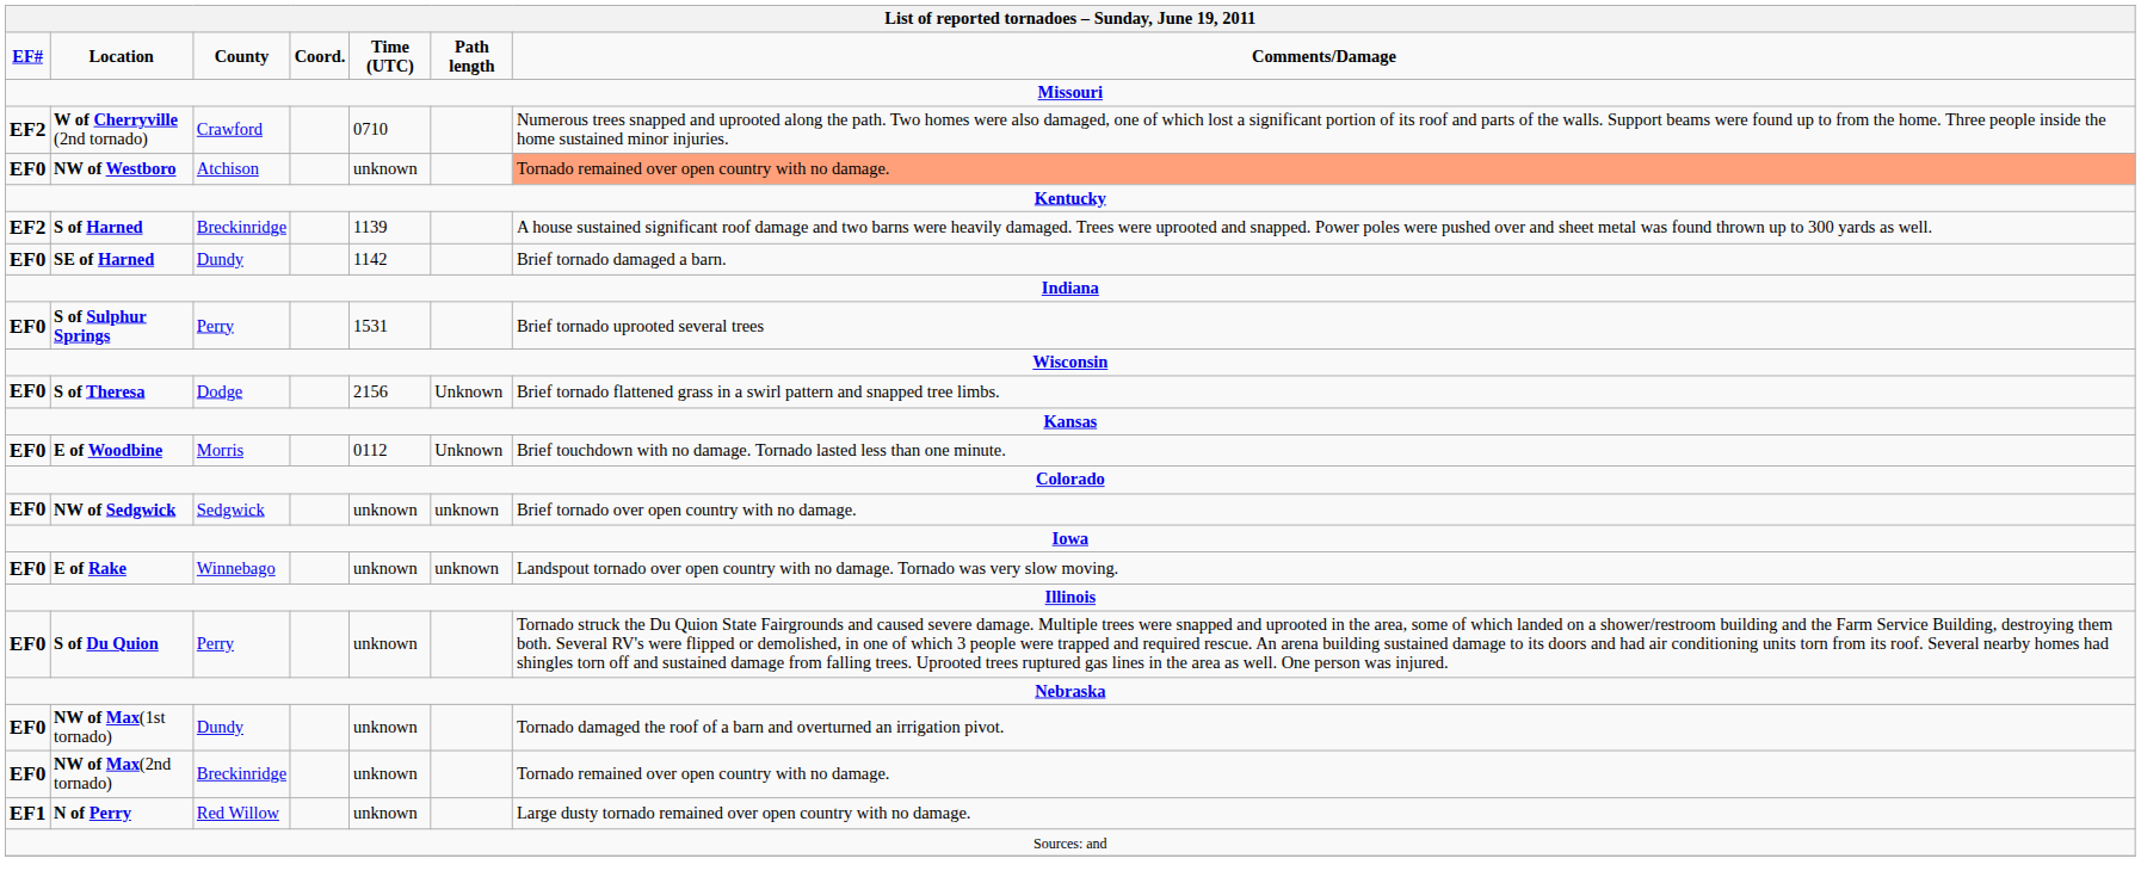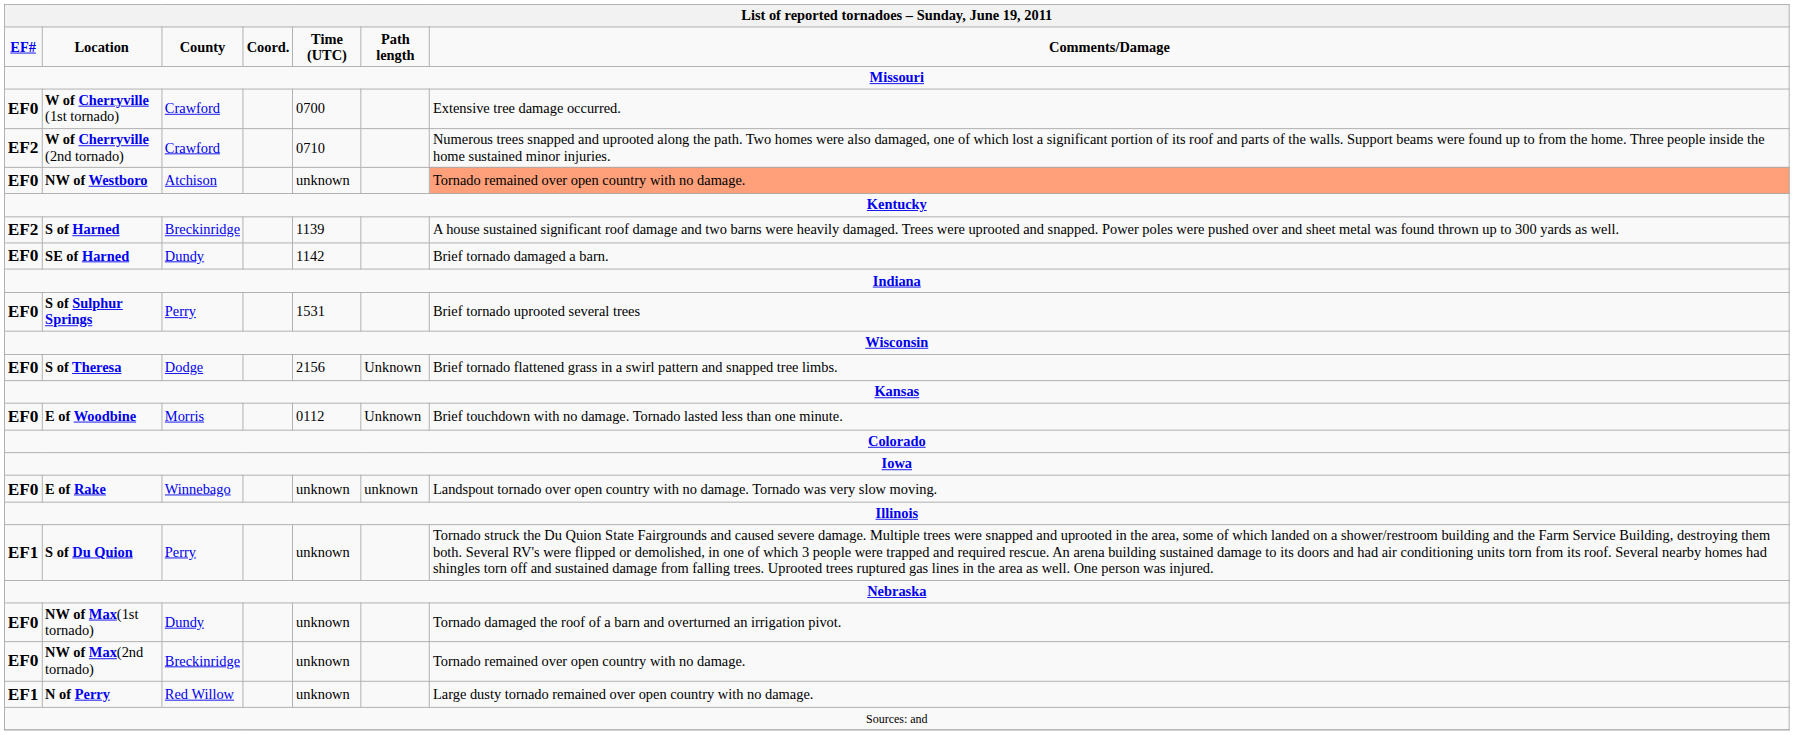 <table class="wikitable collapsible" width="100%">
 <tr>
 <th colspan="7">List of reported tornadoes – Sunday, June 19, 2011</th>
 </tr>
 <tr style="text-align:center;">
 <td><strong><a href='#'>EF#</a></strong></td>
 <td><strong>Location</strong></td>
 <td><strong>County</strong></td>
 <td><strong>Coord.</strong></td>
 <td><strong>Time (UTC)</strong></td>
 <td><strong>Path length</strong></td>
 <td><strong>Comments/Damage</strong></td>
 </tr>
 <tr>
 <td colspan="7" align=center><strong><a href='#'>Missouri</a></strong></td>
+</tr>
+<tr>
+<td><big><strong>EF0</strong></big></td>
+<td><strong>W of <a href='#'>Cherryville</a></strong> (1st tornado)</td>
+<td><a href='#'>Crawford</a></td>
+<td></td>
+<td>0700</td>
+<td></td>
+<td>Extensive tree damage occurred.</td>
 </tr>
 <tr>
 <td><big><strong>EF2</strong></big></td>
 <td><strong>W of <a href='#'>Cherryville</a></strong> (2nd tornado)</td>
 <td><a href='#'>Crawford</a></td>
 <td></td>
 <td>0710</td>
 <td></td>
 <td>Numerous trees snapped and uprooted along the path. Two homes were also damaged, one of which lost a significant portion of its roof and parts of the walls. Support beams were found up to  from the home. Three people inside the home sustained minor injuries.</td>
 </tr>
 <tr>
 <td><big><strong>EF0</strong></big></td>
 <td><strong>NW of <a href='#'>Westboro</a></strong></td>
 <td><a href='#'>Atchison</a></td>
 <td></td>
 <td>unknown</td>
 <td></td>
 <td style="background: lightsalmon;">Tornado remained over open country with no damage.</td>
 </tr>
 <tr>
 <td colspan="7" align=center><strong><a href='#'>Kentucky</a></strong></td>
 </tr>
 <tr>
 <td><big><strong>EF2</strong></big></td>
 <td><strong>S of <a href='#'>Harned</a></strong></td>
 <td><a href='#'>Breckinridge</a></td>
 <td></td>
 <td>1139</td>
 <td></td>
 <td>A house sustained significant roof damage and two barns were heavily damaged. Trees were uprooted and snapped. Power poles were pushed over and sheet metal was found thrown up to 300 yards as well.</td>
 </tr>
 <tr>
 <td><big><strong>EF0</strong></big></td>
 <td><strong>SE of <a href='#'>Harned</a></strong></td>
 <td><a href='#'>Dundy</a></td>
 <td></td>
 <td>1142</td>
 <td></td>
 <td>Brief tornado damaged a barn.</td>
 </tr>
 <tr>
 <td colspan="7" align=center><strong><a href='#'>Indiana</a></strong></td>
 </tr>
 <tr>
 <td><big><strong>EF0</strong></big></td>
 <td><strong>S of <a href='#'>Sulphur Springs</a></strong></td>
 <td><a href='#'>Perry</a></td>
 <td></td>
 <td>1531</td>
 <td></td>
 <td>Brief tornado uprooted several trees</td>
 </tr>
 <tr>
 <td colspan="7" align=center><strong><a href='#'>Wisconsin</a></strong></td>
 </tr>
 <tr>
 <td><big><strong>EF0</strong></big></td>
 <td><strong>S of <a href='#'>Theresa</a></strong></td>
 <td><a href='#'>Dodge</a></td>
 <td></td>
 <td>2156</td>
 <td>Unknown</td>
 <td>Brief tornado flattened grass in a swirl pattern and snapped tree limbs.</td>
 </tr>
 <tr>
 <td colspan="7" align=center><strong><a href='#'>Kansas</a></strong></td>
 </tr>
 <tr>
 <td><big><strong>EF0</strong></big></td>
 <td><strong>E of <a href='#'>Woodbine</a></strong></td>
 <td><a href='#'>Morris</a></td>
 <td></td>
 <td>0112</td>
 <td>Unknown</td>
 <td>Brief touchdown with no damage. Tornado lasted less than one minute.</td>
 </tr>
 <tr>
 <td colspan="7" align=center><strong><a href='#'>Colorado</a></strong></td>
 </tr>
 <tr>
-<td><big><strong>EF0</strong></big></td>
-<td><strong>NW of <a href='#'>Sedgwick</a></strong></td>
-<td><a href='#'>Sedgwick</a></td>
-<td></td>
-<td>unknown</td>
-<td>unknown</td>
-<td>Brief tornado over open country with no damage.</td>
-</tr>
-<tr>
 <td colspan="7" align=center><strong><a href='#'>Iowa</a></strong></td>
 </tr>
 <tr>
 <td><big><strong>EF0</strong></big></td>
 <td><strong>E of <a href='#'>Rake</a></strong></td>
 <td><a href='#'>Winnebago</a></td>
 <td></td>
 <td>unknown</td>
 <td>unknown</td>
 <td>Landspout tornado over open country with no damage. Tornado was very slow moving.</td>
 </tr>
 <tr>
 <td colspan="7" align=center><strong><a href='#'>Illinois</a></strong></td>
 </tr>
 <tr>
-<td><big><strong>EF0</strong></big></td>
+<td><big><strong>EF1</strong></big></td>
 <td><strong>S of <a href='#'>Du Quion</a></strong></td>
 <td><a href='#'>Perry</a></td>
 <td></td>
 <td>unknown</td>
 <td></td>
 <td>Tornado struck the Du Quion State Fairgrounds and caused severe damage. Multiple trees were snapped and uprooted in the area, some of which landed on a shower/restroom building and the Farm Service Building, destroying them both. Several RV's were flipped or demolished, in one of which 3 people were trapped and required rescue. An arena building sustained damage to its doors and had air conditioning units torn from its roof. Several nearby homes had shingles torn off and sustained damage from falling trees. Uprooted trees ruptured gas lines in the area as well. One person was injured.</td>
 </tr>
 <tr>
 <td colspan="7" align=center><strong><a href='#'>Nebraska</a></strong></td>
 </tr>
 <tr>
 <td><big><strong>EF0</strong></big></td>
 <td><strong>NW of <a href='#'>Max</a></strong>(1st tornado)</td>
 <td><a href='#'>Dundy</a></td>
 <td></td>
 <td>unknown</td>
 <td></td>
 <td>Tornado damaged the roof of a barn and overturned an irrigation pivot.</td>
 </tr>
 <tr>
 <td><big><strong>EF0</strong></big></td>
 <td><strong>NW of <a href='#'>Max</a></strong>(2nd tornado)</td>
 <td><a href='#'>Breckinridge</a></td>
 <td></td>
 <td>unknown</td>
 <td></td>
 <td>Tornado remained over open country with no damage.</td>
 </tr>
 <tr>
 <td><big><strong>EF1</strong></big></td>
 <td><strong>N of <a href='#'>Perry</a></strong></td>
 <td><a href='#'>Red Willow</a></td>
 <td></td>
 <td>unknown</td>
 <td></td>
 <td>Large dusty tornado remained over open country with no damage.</td>
 </tr>
 <tr>
 <td colspan="7" align=center><small>Sources:  and </small></td>
 </tr>
 <tr>
 </tr>
 </table>
